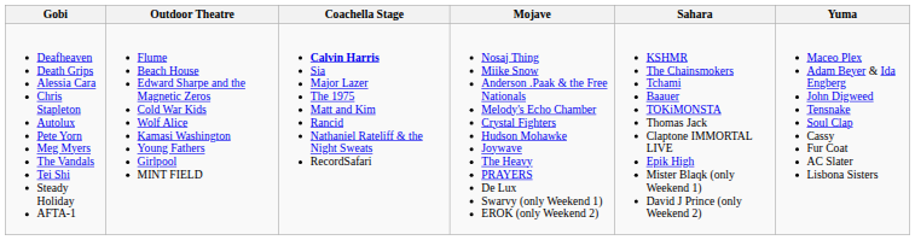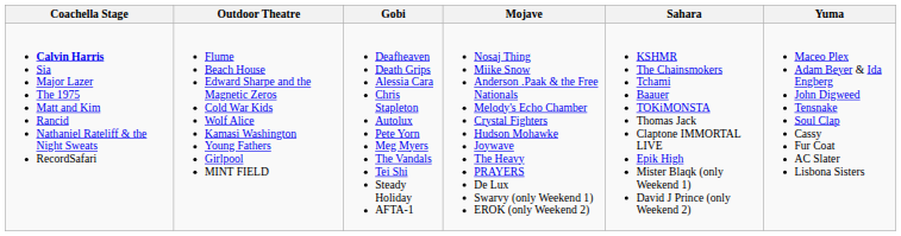 <table class="wikitable">
 <tr>
+<th>Coachella Stage</th>
+<th>Outdoor Theatre</th>
 <th>Gobi</th>
-<th>Outdoor Theatre</th>
-<th>Coachella Stage</th>
 <th>Mojave</th>
 <th>Sahara</th>
 <th>Yuma</th>
 </tr>
 <tr valign="top">
+<td><br><ul><li><strong><a href='#'>Calvin Harris</a></strong></li><li><a href='#'>Sia</a></li><li><a href='#'>Major Lazer</a></li><li><a href='#'>The 1975</a></li><li><a href='#'>Matt and Kim</a></li><li><a href='#'>Rancid</a></li><li><a href='#'>Nathaniel Rateliff & the Night Sweats</a></li><li>RecordSafari</li></ul></td>
+<td><br><ul><li><a href='#'>Flume</a></li><li><a href='#'>Beach House</a></li><li><a href='#'>Edward Sharpe and the Magnetic Zeros</a></li><li><a href='#'>Cold War Kids</a></li><li><a href='#'>Wolf Alice</a></li><li><a href='#'>Kamasi Washington</a></li><li><a href='#'>Young Fathers</a></li><li><a href='#'>Girlpool</a></li><li>MINT FIELD</li></ul></td>
 <td><br><ul><li><a href='#'>Deafheaven</a></li><li><a href='#'>Death Grips</a></li><li><a href='#'>Alessia Cara</a></li><li><a href='#'>Chris Stapleton</a></li><li><a href='#'>Autolux</a></li><li><a href='#'>Pete Yorn</a></li><li><a href='#'>Meg Myers</a></li><li><a href='#'>The Vandals</a></li><li><a href='#'>Tei Shi</a></li><li>Steady Holiday</li><li>AFTA-1</li></ul></td>
-<td><br><ul><li><a href='#'>Flume</a></li><li><a href='#'>Beach House</a></li><li><a href='#'>Edward Sharpe and the Magnetic Zeros</a></li><li><a href='#'>Cold War Kids</a></li><li><a href='#'>Wolf Alice</a></li><li><a href='#'>Kamasi Washington</a></li><li><a href='#'>Young Fathers</a></li><li><a href='#'>Girlpool</a></li><li>MINT FIELD</li></ul></td>
-<td><br><ul><li><strong><a href='#'>Calvin Harris</a></strong></li><li><a href='#'>Sia</a></li><li><a href='#'>Major Lazer</a></li><li><a href='#'>The 1975</a></li><li><a href='#'>Matt and Kim</a></li><li><a href='#'>Rancid</a></li><li><a href='#'>Nathaniel Rateliff & the Night Sweats</a></li><li>RecordSafari</li></ul></td>
 <td><br><ul><li><a href='#'>Nosaj Thing</a></li><li><a href='#'>Miike Snow</a></li><li><a href='#'>Anderson .Paak & the Free Nationals</a></li><li><a href='#'>Melody's Echo Chamber</a></li><li><a href='#'>Crystal Fighters</a></li><li><a href='#'>Hudson Mohawke</a></li><li><a href='#'>Joywave</a></li><li><a href='#'>The Heavy</a></li><li><a href='#'>PRAYERS</a></li><li>De Lux</li><li>Swarvy (only Weekend 1)</li><li>EROK (only Weekend 2)</li></ul></td>
 <td><br><ul><li><a href='#'>KSHMR</a></li><li><a href='#'>The Chainsmokers</a></li><li><a href='#'>Tchami</a></li><li><a href='#'>Baauer</a></li><li><a href='#'>TOKiMONSTA</a></li><li>Thomas Jack</li><li>Claptone IMMORTAL LIVE</li><li><a href='#'>Epik High</a></li><li>Mister Blaqk (only Weekend 1)</li><li>David J Prince (only Weekend 2)</li></ul></td>
 <td><br><ul><li><a href='#'>Maceo Plex</a></li><li><a href='#'>Adam Beyer</a> & <a href='#'>Ida Engberg</a></li><li><a href='#'>John Digweed</a></li><li><a href='#'>Tensnake</a></li><li><a href='#'>Soul Clap</a></li><li>Cassy</li><li>Fur Coat</li><li>AC Slater</li><li>Lisbona Sisters</li></ul></td>
 </tr>
 </table>
